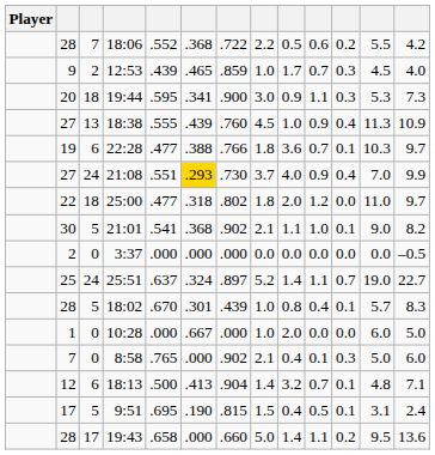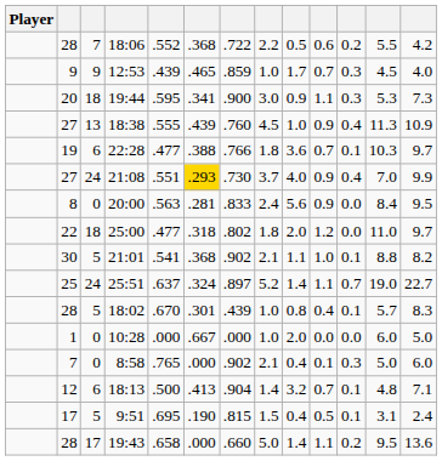 <table class="wikitable sortable" style="font-size:95%; text-align:right;">
 <tr>
 <th>Player</th>
 <th></th>
 <th></th>
 <th></th>
 <th></th>
 <th></th>
 <th></th>
 <th></th>
 <th></th>
 <th></th>
 <th></th>
 <th></th>
 <th></th>
 </tr>
 <tr>
 <td></td>
 <td>28</td>
 <td>7</td>
 <td>18:06</td>
 <td>.552</td>
 <td>.368</td>
 <td>.722</td>
 <td>2.2</td>
 <td>0.5</td>
 <td>0.6</td>
 <td>0.2</td>
 <td>5.5</td>
 <td>4.2</td>
 </tr>
 <tr>
 <td></td>
 <td>9</td>
-<td>2</td>
+<td>9</td>
 <td>12:53</td>
 <td>.439</td>
 <td>.465</td>
 <td>.859</td>
 <td>1.0</td>
 <td>1.7</td>
 <td>0.7</td>
 <td>0.3</td>
 <td>4.5</td>
 <td>4.0</td>
 </tr>
 <tr>
 <td></td>
 <td>20</td>
 <td>18</td>
 <td>19:44</td>
 <td>.595</td>
 <td>.341</td>
 <td>.900</td>
 <td>3.0</td>
 <td>0.9</td>
 <td>1.1</td>
 <td>0.3</td>
 <td>5.3</td>
 <td>7.3</td>
 </tr>
 <tr>
 <td></td>
 <td>27</td>
 <td>13</td>
 <td>18:38</td>
 <td>.555</td>
 <td>.439</td>
 <td>.760</td>
 <td>4.5</td>
 <td>1.0</td>
 <td>0.9</td>
 <td>0.4</td>
 <td>11.3</td>
 <td>10.9</td>
 </tr>
 <tr>
 <td></td>
 <td>19</td>
 <td>6</td>
 <td>22:28</td>
 <td>.477</td>
 <td>.388</td>
 <td>.766</td>
 <td>1.8</td>
 <td>3.6</td>
 <td>0.7</td>
 <td>0.1</td>
 <td>10.3</td>
 <td>9.7</td>
 </tr>
 <tr>
 <td></td>
 <td>27</td>
 <td>24</td>
 <td>21:08</td>
 <td>.551</td>
 <td style="background: gold;">.293</td>
 <td>.730</td>
 <td>3.7</td>
 <td>4.0</td>
 <td>0.9</td>
 <td>0.4</td>
 <td>7.0</td>
 <td>9.9</td>
 </tr>
 <tr>
 <td></td>
+<td>8</td>
+<td>0</td>
+<td>20:00</td>
+<td>.563</td>
+<td>.281</td>
+<td>.833</td>
+<td>2.4</td>
+<td>5.6</td>
+<td>0.9</td>
+<td>0.0</td>
+<td>8.4</td>
+<td>9.5</td>
+</tr>
+<tr>
+<td></td>
 <td>22</td>
 <td>18</td>
 <td>25:00</td>
 <td>.477</td>
 <td>.318</td>
 <td>.802</td>
 <td>1.8</td>
 <td>2.0</td>
 <td>1.2</td>
 <td>0.0</td>
 <td>11.0</td>
 <td>9.7</td>
 </tr>
 <tr>
 <td></td>
 <td>30</td>
 <td>5</td>
 <td>21:01</td>
 <td>.541</td>
 <td>.368</td>
 <td>.902</td>
 <td>2.1</td>
 <td>1.1</td>
 <td>1.0</td>
 <td>0.1</td>
-<td>9.0</td>
+<td>8.8</td>
 <td>8.2</td>
-</tr>
-<tr>
-<td></td>
-<td>2</td>
-<td>0</td>
-<td>3:37</td>
-<td>.000</td>
-<td>.000</td>
-<td>.000</td>
-<td>0.0</td>
-<td>0.0</td>
-<td>0.0</td>
-<td>0.0</td>
-<td>0.0</td>
-<td>–0.5</td>
 </tr>
 <tr>
 <td></td>
 <td>25</td>
 <td>24</td>
 <td>25:51</td>
 <td>.637</td>
 <td>.324</td>
 <td>.897</td>
 <td>5.2</td>
 <td>1.4</td>
 <td>1.1</td>
 <td>0.7</td>
 <td>19.0</td>
 <td>22.7</td>
 </tr>
 <tr>
 <td></td>
 <td>28</td>
 <td>5</td>
 <td>18:02</td>
 <td>.670</td>
 <td>.301</td>
 <td>.439</td>
 <td>1.0</td>
 <td>0.8</td>
 <td>0.4</td>
 <td>0.1</td>
 <td>5.7</td>
 <td>8.3</td>
 </tr>
 <tr>
 <td></td>
 <td>1</td>
 <td>0</td>
 <td>10:28</td>
 <td>.000</td>
 <td>.667</td>
 <td>.000</td>
 <td>1.0</td>
 <td>2.0</td>
 <td>0.0</td>
 <td>0.0</td>
 <td>6.0</td>
 <td>5.0</td>
 </tr>
 <tr>
 <td></td>
 <td>7</td>
 <td>0</td>
 <td>8:58</td>
 <td>.765</td>
 <td>.000</td>
 <td>.902</td>
 <td>2.1</td>
 <td>0.4</td>
 <td>0.1</td>
 <td>0.3</td>
 <td>5.0</td>
 <td>6.0</td>
 </tr>
 <tr>
 <td></td>
 <td>12</td>
 <td>6</td>
 <td>18:13</td>
 <td>.500</td>
 <td>.413</td>
 <td>.904</td>
 <td>1.4</td>
 <td>3.2</td>
 <td>0.7</td>
 <td>0.1</td>
 <td>4.8</td>
 <td>7.1</td>
 </tr>
 <tr>
 <td></td>
 <td>17</td>
 <td>5</td>
 <td>9:51</td>
 <td>.695</td>
 <td>.190</td>
 <td>.815</td>
 <td>1.5</td>
 <td>0.4</td>
 <td>0.5</td>
 <td>0.1</td>
 <td>3.1</td>
 <td>2.4</td>
 </tr>
 <tr>
 <td></td>
 <td>28</td>
 <td>17</td>
 <td>19:43</td>
 <td>.658</td>
 <td>.000</td>
 <td>.660</td>
 <td>5.0</td>
 <td>1.4</td>
 <td>1.1</td>
 <td>0.2</td>
 <td>9.5</td>
 <td>13.6</td>
 </tr>
 </table>
